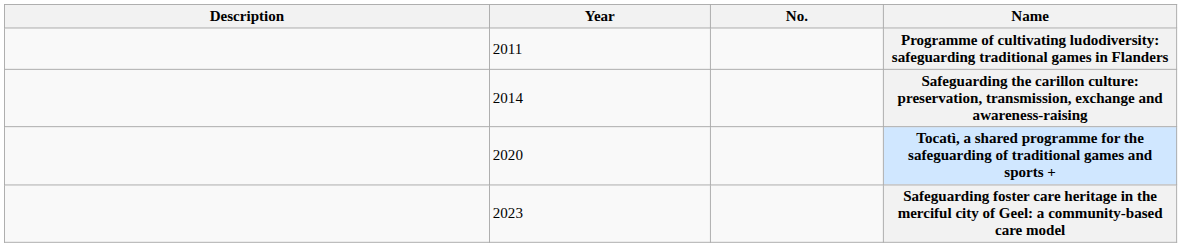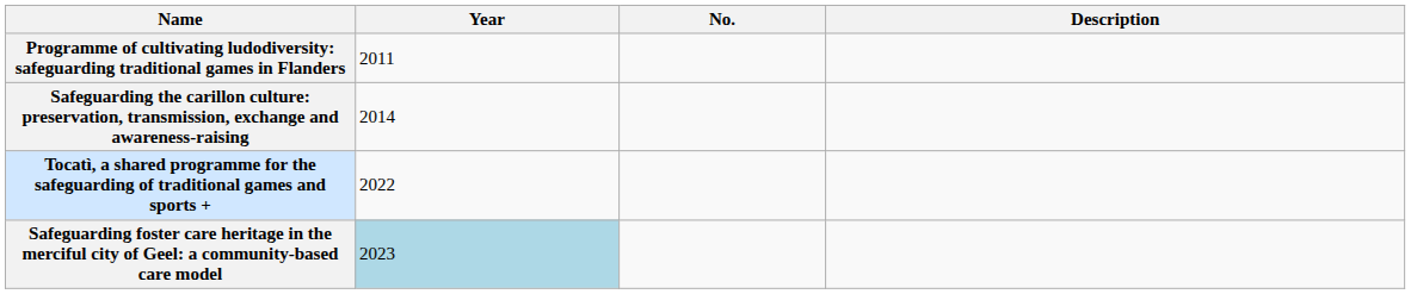 <table class="wikitable sortable plainrowheaders">
 <tr>
-<th class="unsortable">Description</th>
+<th style="width:25%">Name</th>
 <th>Year</th>
 <th>No.</th>
-<th style="width:25%">Name</th>
+<th class="unsortable">Description</th>
 </tr>
 <tr>
-<td></td>
+<th scope="row">Programme of cultivating ludodiversity: safeguarding traditional games in Flanders</th>
 <td>2011</td>
 <td></td>
-<th scope="row">Programme of cultivating ludodiversity: safeguarding traditional games in Flanders</th>
+<td></td>
 </tr>
 <tr>
-<td></td>
+<th scope="row">Safeguarding the carillon culture: preservation, transmission, exchange and awareness-raising</th>
 <td>2014</td>
 <td></td>
-<th scope="row">Safeguarding the carillon culture: preservation, transmission, exchange and awareness-raising</th>
+<td></td>
 </tr>
 <tr>
+<th scope="row" style="background:#D0E7FF;">Tocatì, a shared programme for the safeguarding of traditional games and sports +</th>
+<td>2022</td>
 <td></td>
-<td>2020</td>
 <td></td>
-<th scope="row" style="background:#D0E7FF;">Tocatì, a shared programme for the safeguarding of traditional games and sports +</th>
 </tr>
 <tr>
+<th scope="row">Safeguarding foster care heritage in the merciful city of Geel: a community-based care model</th>
+<td style="background: lightblue;">2023</td>
 <td></td>
-<td>2023</td>
 <td></td>
-<th scope="row">Safeguarding foster care heritage in the merciful city of Geel: a community-based care model</th>
 </tr>
 </table>
